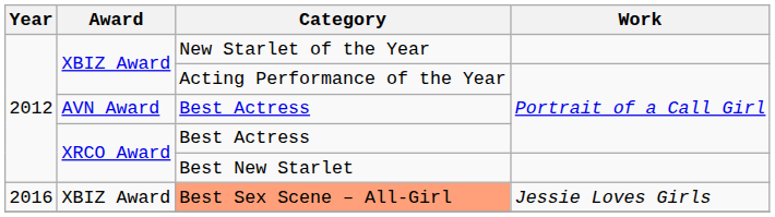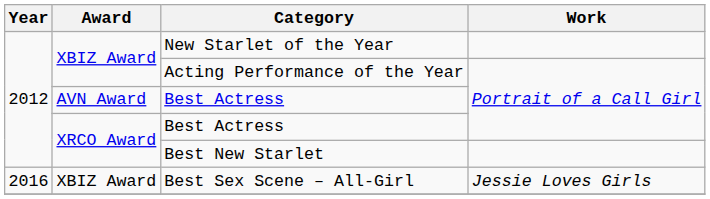 <table class="wikitable sortable">
 <tr>
 <th>Year</th>
 <th>Award</th>
 <th>Category</th>
 <th>Work</th>
 </tr>
 <tr>
 <td rowspan=5>2012</td>
 <td rowspan=2><a href='#'>XBIZ Award</a></td>
 <td>New Starlet of the Year</td>
 <td></td>
 </tr>
 <tr>
 <td>Acting Performance of the Year</td>
 <td rowspan=3><em><a href='#'>Portrait of a Call Girl</a></em></td>
 </tr>
 <tr>
 <td><a href='#'>AVN Award</a></td>
 <td><a href='#'>Best Actress</a></td>
 </tr>
 <tr>
 <td rowspan=2><a href='#'>XRCO Award</a></td>
 <td>Best Actress</td>
 </tr>
 <tr>
 <td>Best New Starlet</td>
 <td></td>
 </tr>
 <tr>
 <td>2016</td>
 <td>XBIZ Award</td>
-<td style="background: lightsalmon;">Best Sex Scene – All-Girl</td>
+<td>Best Sex Scene – All-Girl</td>
 <td><em>Jessie Loves Girls</em></td>
 </tr>
 <tr>
 </tr>
 </table>
